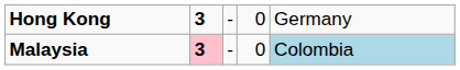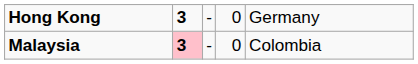 <table class="wikitable">
 <tr>
 <td width=150> <strong>Hong Kong</strong></td>
 <td style="width:20px; text-align:left;"><strong>3</strong></td>
 <td>-</td>
 <td style="width:20px; text-align:right;">0</td>
 <td width=150> Germany</td>
 </tr>
 <tr>
 <td> <strong>Malaysia</strong></td>
 <td style="background: pink; text-align:left;"><strong>3</strong></td>
 <td>-</td>
 <td style="text-align:right;">0</td>
-<td style="background: lightblue;"> Colombia</td>
+<td> Colombia</td>
 </tr>
 </table>
